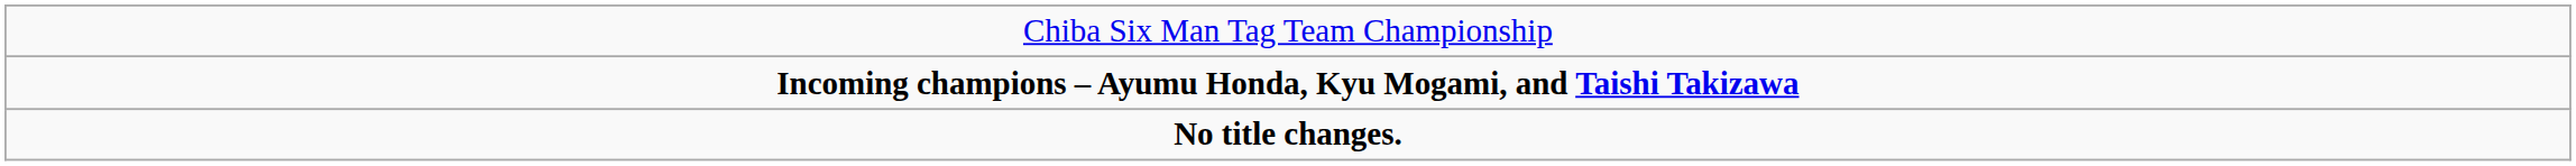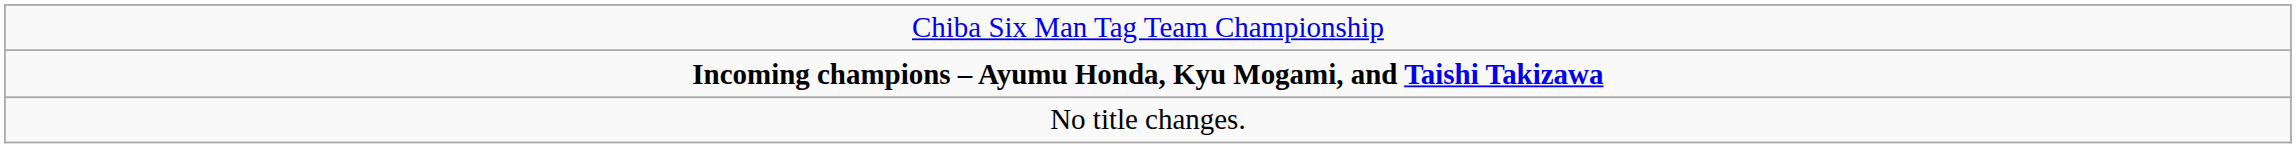 <table class="wikitable" style="text-align:center; width:100%;">
 <tr>
 <td style="text-align: center;"><a href='#'>Chiba Six Man Tag Team Championship</a></td>
 </tr>
 <tr>
 <td style="text-align: center;"><strong>Incoming champions – Ayumu Honda, Kyu Mogami, and <a href='#'>Taishi Takizawa</a></strong></td>
 </tr>
 <tr>
-<td><strong>No title changes.</strong></td>
+<td>No title changes.</td>
 </tr>
 </table>
